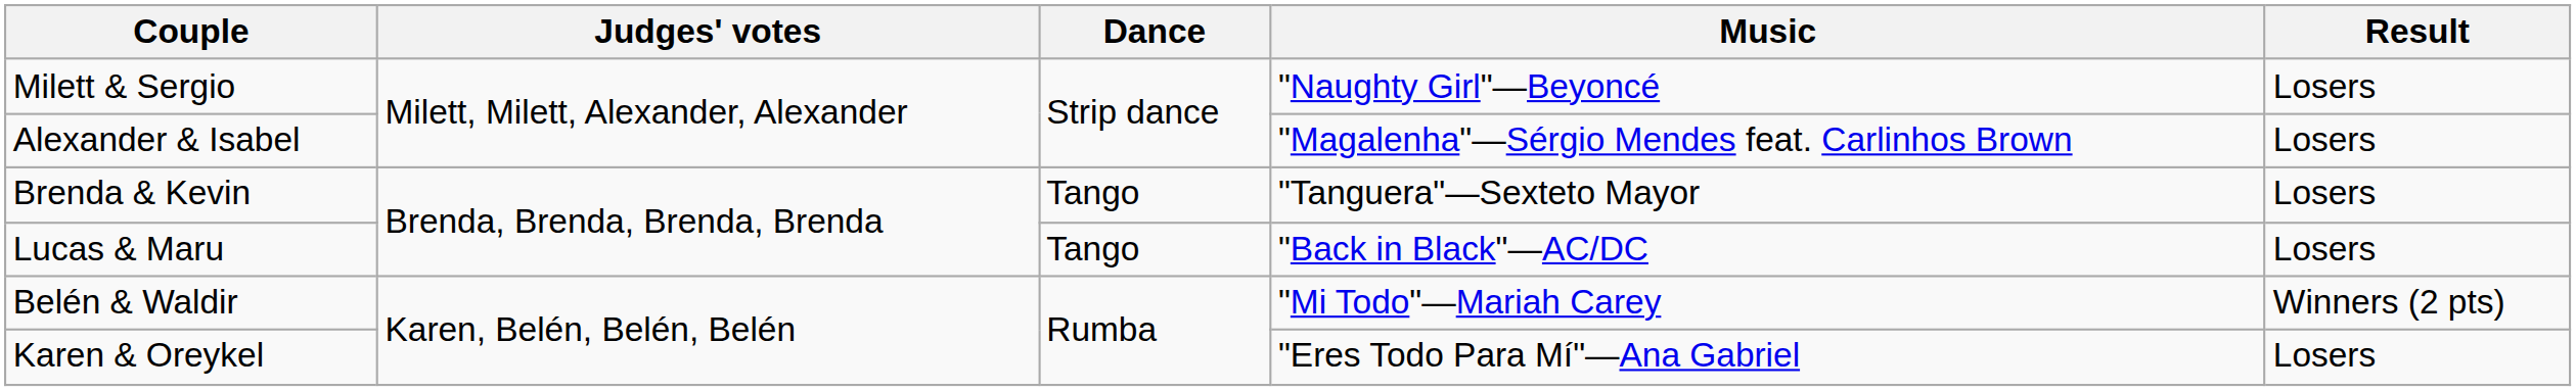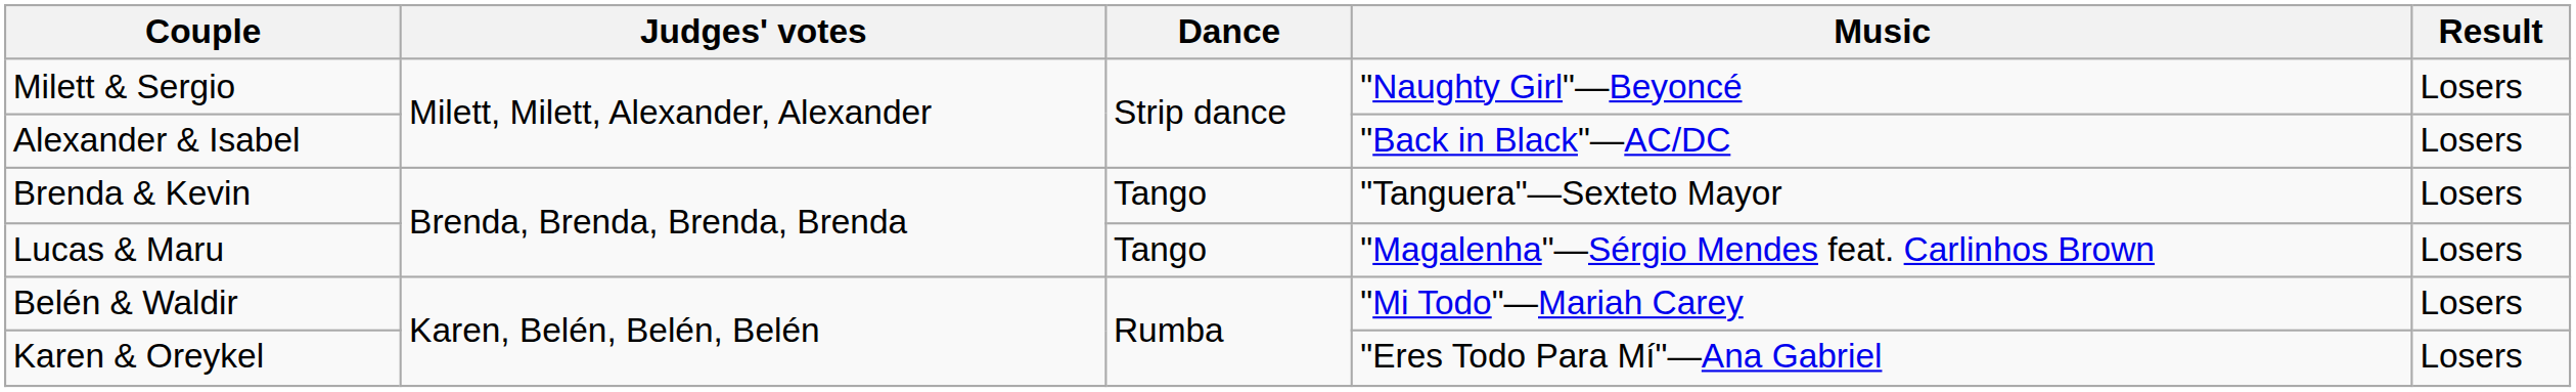 <table class="wikitable sortable" style="width:95%; white-space:nowrap;">
 <tr>
 <th>Couple</th>
 <th>Judges' votes</th>
 <th>Dance</th>
 <th>Music</th>
 <th>Result</th>
 </tr>
 <tr>
 <td>Milett & Sergio</td>
 <td rowspan=2>Milett, Milett, Alexander, Alexander</td>
 <td rowspan=2>Strip dance</td>
 <td>"<a href='#'>Naughty Girl</a>"—<a href='#'>Beyoncé</a></td>
 <td>Losers</td>
 </tr>
 <tr>
 <td>Alexander & Isabel</td>
-<td>"<a href='#'>Magalenha</a>"—<a href='#'>Sérgio Mendes</a> feat. <a href='#'>Carlinhos Brown</a></td>
+<td>"<a href='#'>Back in Black</a>"—<a href='#'>AC/DC</a></td>
 <td>Losers</td>
 </tr>
 <tr>
 <td>Brenda & Kevin</td>
 <td rowspan=2>Brenda, Brenda, Brenda, Brenda</td>
 <td>Tango</td>
 <td>"Tanguera"—Sexteto Mayor</td>
 <td>Losers</td>
 </tr>
 <tr>
 <td>Lucas & Maru</td>
 <td>Tango</td>
-<td>"<a href='#'>Back in Black</a>"—<a href='#'>AC/DC</a></td>
+<td>"<a href='#'>Magalenha</a>"—<a href='#'>Sérgio Mendes</a> feat. <a href='#'>Carlinhos Brown</a></td>
 <td>Losers</td>
 </tr>
 <tr>
 <td>Belén & Waldir</td>
 <td rowspan=2>Karen, Belén, Belén, Belén</td>
 <td rowspan=2>Rumba</td>
 <td>"<a href='#'>Mi Todo</a>"—<a href='#'>Mariah Carey</a></td>
-<td>Winners (2 pts)</td>
+<td>Losers</td>
 </tr>
 <tr>
 <td>Karen & Oreykel</td>
 <td>"Eres Todo Para Mí"—<a href='#'>Ana Gabriel</a></td>
 <td>Losers</td>
 </tr>
 </table>
